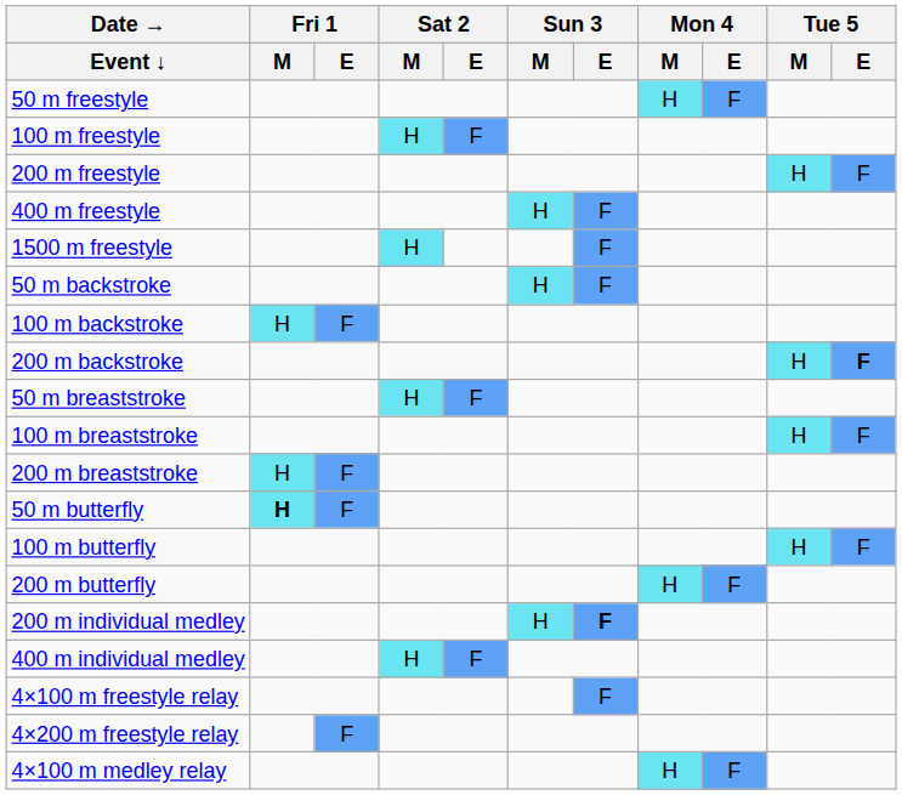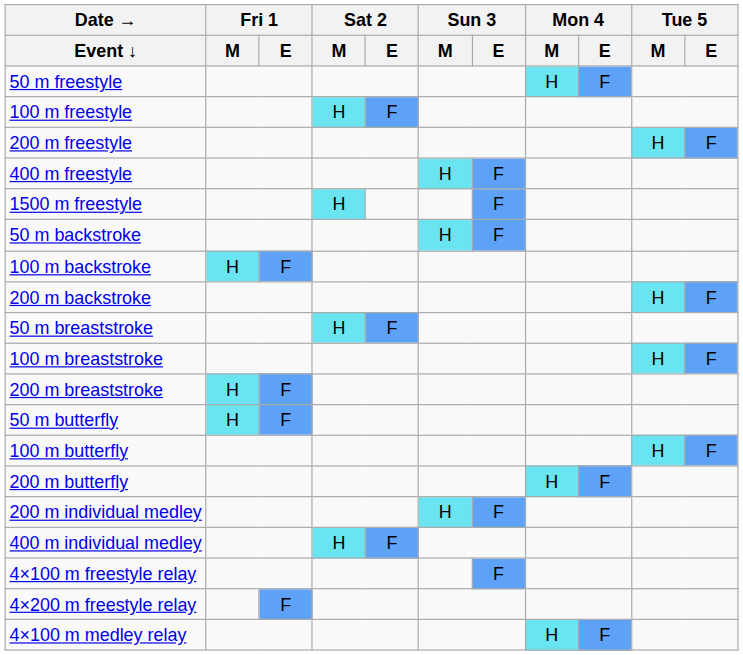 <table class="wikitable" style="margin:0.5em auto; font-size:95%; line-height:1.25em; text-align:center">
 <tr>
 <th>Date →</th>
 <th colspan=2>Fri 1</th>
 <th colspan=2>Sat 2</th>
 <th colspan=2>Sun 3</th>
 <th colspan=2>Mon 4</th>
 <th colspan=2>Tue 5</th>
 </tr>
 <tr>
 <th>Event ↓</th>
 <th style="width:2.5em;">M</th>
 <th style="width:2.5em;">E</th>
 <th style="width:2.5em;">M</th>
 <th style="width:2.5em;">E</th>
 <th style="width:2.5em;">M</th>
 <th style="width:2.5em;">E</th>
 <th style="width:2.5em;">M</th>
 <th style="width:2.5em;">E</th>
 <th style="width:2.5em;">M</th>
 <th style="width:2.5em;">E</th>
 </tr>
 <tr>
 <td align=left><a href='#'>50 m freestyle</a></td>
 <td colspan=2></td>
 <td colspan=2></td>
 <td colspan=2></td>
 <td style="background-color:#6be4f2;">H</td>
 <td style="background-color:#5ea2f7;">F</td>
 <td colspan=2></td>
 </tr>
 <tr>
 <td align=left><a href='#'>100 m freestyle</a></td>
 <td colspan=2></td>
 <td style="background-color:#6be4f2;">H</td>
 <td style="background-color:#5ea2f7;">F</td>
 <td colspan=2></td>
 <td colspan=2></td>
 <td colspan=2></td>
 </tr>
 <tr>
 <td align=left><a href='#'>200 m freestyle</a></td>
 <td colspan=2></td>
 <td colspan=2></td>
 <td colspan=2></td>
 <td colspan=2></td>
 <td style="background-color:#6be4f2;">H</td>
 <td style="background-color:#5ea2f7;">F</td>
 </tr>
 <tr>
 <td align=left><a href='#'>400 m freestyle</a></td>
 <td colspan=2></td>
 <td colspan=2></td>
 <td style="background-color:#6be4f2;">H</td>
 <td style="background-color:#5ea2f7;">F</td>
 <td colspan=2></td>
 <td colspan=2></td>
 </tr>
 <tr>
 <td align=left><a href='#'>1500 m freestyle</a></td>
 <td colspan=2></td>
 <td style="background-color:#6be4f2;">H</td>
 <td></td>
 <td></td>
 <td style="background-color:#5ea2f7;">F</td>
 <td colspan=2></td>
 <td colspan=2></td>
 </tr>
 <tr>
 <td align=left><a href='#'>50 m backstroke</a></td>
 <td colspan=2></td>
 <td colspan=2></td>
 <td style="background-color:#6be4f2;">H</td>
 <td style="background-color:#5ea2f7;">F</td>
 <td colspan=2></td>
 <td colspan=2></td>
 </tr>
 <tr>
 <td align=left><a href='#'>100 m backstroke</a></td>
 <td style="background-color:#6be4f2;">H</td>
 <td style="background-color:#5ea2f7;">F</td>
 <td colspan=2></td>
 <td colspan=2></td>
 <td colspan=2></td>
 <td colspan=2></td>
 </tr>
 <tr>
 <td align=left><a href='#'>200 m backstroke</a></td>
 <td colspan=2></td>
 <td colspan=2></td>
 <td colspan=2></td>
 <td colspan=2></td>
 <td style="background-color:#6be4f2;">H</td>
-<td style="background-color:#5ea2f7;"><strong>F</strong></td>
+<td style="background-color:#5ea2f7;">F</td>
 </tr>
 <tr>
 <td align=left><a href='#'>50 m breaststroke</a></td>
 <td colspan=2></td>
 <td style="background-color:#6be4f2;">H</td>
 <td style="background-color:#5ea2f7;">F</td>
 <td colspan=2></td>
 <td colspan=2></td>
 <td colspan=2></td>
 </tr>
 <tr>
 <td align=left><a href='#'>100 m breaststroke</a></td>
 <td colspan=2></td>
 <td colspan=2></td>
 <td colspan=2></td>
 <td colspan=2></td>
 <td style="background-color:#6be4f2;">H</td>
 <td style="background-color:#5ea2f7;">F</td>
 </tr>
 <tr>
 <td align=left><a href='#'>200 m breaststroke</a></td>
 <td style="background-color:#6be4f2;">H</td>
 <td style="background-color:#5ea2f7;">F</td>
 <td colspan=2></td>
 <td colspan=2></td>
 <td colspan=2></td>
 <td colspan=2></td>
 </tr>
 <tr>
 <td align=left><a href='#'>50 m butterfly</a></td>
-<td style="background-color:#6be4f2;"><strong>H</strong></td>
+<td style="background-color:#6be4f2;">H</td>
 <td style="background-color:#5ea2f7;">F</td>
 <td colspan=2></td>
 <td colspan=2></td>
 <td colspan=2></td>
 <td colspan=2></td>
 </tr>
 <tr>
 <td align=left><a href='#'>100 m butterfly</a></td>
 <td colspan=2></td>
 <td colspan=2></td>
 <td colspan=2></td>
 <td colspan=2></td>
 <td style="background-color:#6be4f2;">H</td>
 <td style="background-color:#5ea2f7;">F</td>
 </tr>
 <tr>
 <td align=left><a href='#'>200 m butterfly</a></td>
 <td colspan=2></td>
 <td colspan=2></td>
 <td colspan=2></td>
 <td style="background-color:#6be4f2;">H</td>
 <td style="background-color:#5ea2f7;">F</td>
 <td colspan=2></td>
 </tr>
 <tr>
 <td align=left><a href='#'>200 m individual medley</a></td>
 <td colspan=2></td>
 <td colspan=2></td>
 <td style="background-color:#6be4f2;">H</td>
-<td style="background-color:#5ea2f7;"><strong>F</strong></td>
+<td style="background-color:#5ea2f7;">F</td>
 <td colspan=2></td>
 <td colspan=2></td>
 </tr>
 <tr>
 <td align=left><a href='#'>400 m individual medley</a></td>
 <td colspan=2></td>
 <td style="background-color:#6be4f2;">H</td>
 <td style="background-color:#5ea2f7;">F</td>
 <td colspan=2></td>
 <td colspan=2></td>
 <td colspan=2></td>
 </tr>
 <tr>
 <td align=left><a href='#'>4×100 m freestyle relay</a></td>
 <td colspan=2></td>
 <td colspan=2></td>
 <td></td>
 <td style="background-color:#5ea2f7;">F</td>
 <td colspan=2></td>
 <td colspan=2></td>
 </tr>
 <tr>
 <td align=left><a href='#'>4×200 m freestyle relay</a></td>
 <td></td>
 <td style="background-color:#5ea2f7;">F</td>
 <td colspan=2></td>
 <td colspan=2></td>
 <td colspan=2></td>
 <td colspan=2></td>
 </tr>
 <tr>
 <td align=left><a href='#'>4×100 m medley relay</a></td>
 <td colspan=2></td>
 <td colspan=2></td>
 <td colspan=2></td>
 <td style="background-color:#6be4f2;">H</td>
 <td style="background-color:#5ea2f7;">F</td>
 <td colspan=2></td>
 </tr>
 </table>
